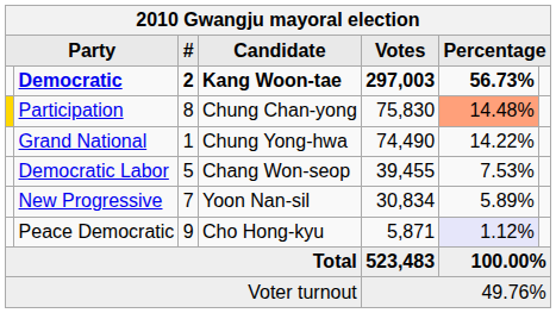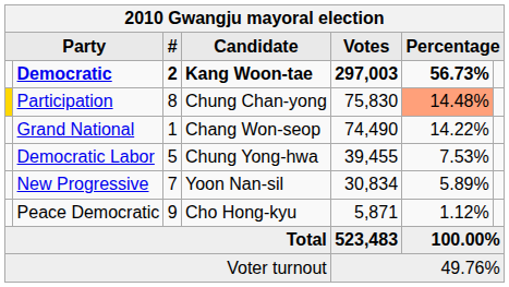 <table class="wikitable">
 <tr>
 <th colspan="7">2010 Gwangju mayoral election</th>
 </tr>
 <tr>
 <th style="background-color:#E9E9E9" colspan=2>Party</th>
 <th style="background-color:#E9E9E9">#</th>
 <th style="background-color:#E9E9E9">Candidate</th>
 <th style="background-color:#E9E9E9">Votes</th>
 <th style="background-color:#E9E9E9" colspan=2>Percentage</th>
 </tr>
 <tr style="font-weight:bold">
 <td></td>
 <td align=left><a href='#'>Democratic</a></td>
 <td align=center>2</td>
 <td align=left>Kang Woon-tae</td>
 <td align=right>297,003</td>
 <td align=right>56.73%</td>
 <td align=right></td>
 </tr>
 <tr>
 <td bgcolor="#FFD800"></td>
 <td align=left><a href='#'>Participation</a></td>
 <td align=center>8</td>
 <td align=left>Chung Chan-yong</td>
 <td align=right>75,830</td>
 <td align=right style="background: lightsalmon;">14.48%</td>
 <td align=right></td>
 </tr>
 <tr>
 <td></td>
 <td align=left><a href='#'>Grand National</a></td>
 <td align=center>1</td>
-<td align=left>Chung Yong-hwa</td>
+<td align=left>Chang Won-seop</td>
 <td align=right>74,490</td>
 <td align=right>14.22%</td>
 <td align=right></td>
 </tr>
 <tr>
 <td></td>
 <td align=left><a href='#'>Democratic Labor</a></td>
 <td align=center>5</td>
-<td align=left>Chang Won-seop</td>
+<td align=left>Chung Yong-hwa</td>
 <td align=right>39,455</td>
 <td align=right>7.53%</td>
 <td align=right></td>
 </tr>
 <tr>
 <td></td>
 <td align=left><a href='#'>New Progressive</a></td>
 <td align=center>7</td>
 <td align=left>Yoon Nan-sil</td>
 <td align=right>30,834</td>
 <td align=right>5.89%</td>
 <td align=right></td>
 </tr>
 <tr>
 <td></td>
 <td align=left>Peace Democratic</td>
 <td align=center>9</td>
 <td align=left>Cho Hong-kyu</td>
 <td align=right>5,871</td>
-<td align=right style="background: lavender;">1.12%</td>
+<td align=right>1.12%</td>
 <td align=right></td>
 </tr>
 <tr bgcolor="#EEEEEE" style="font-weight:bold">
 <td colspan="4" align=right>Total</td>
 <td align=right>523,483</td>
 <td align=right colspan=2>100.00%</td>
 </tr>
 <tr bgcolor="#EEEEEE">
 <td colspan="4" align="right">Voter turnout</td>
 <td colspan="3" align="right">49.76%</td>
 </tr>
 </table>
